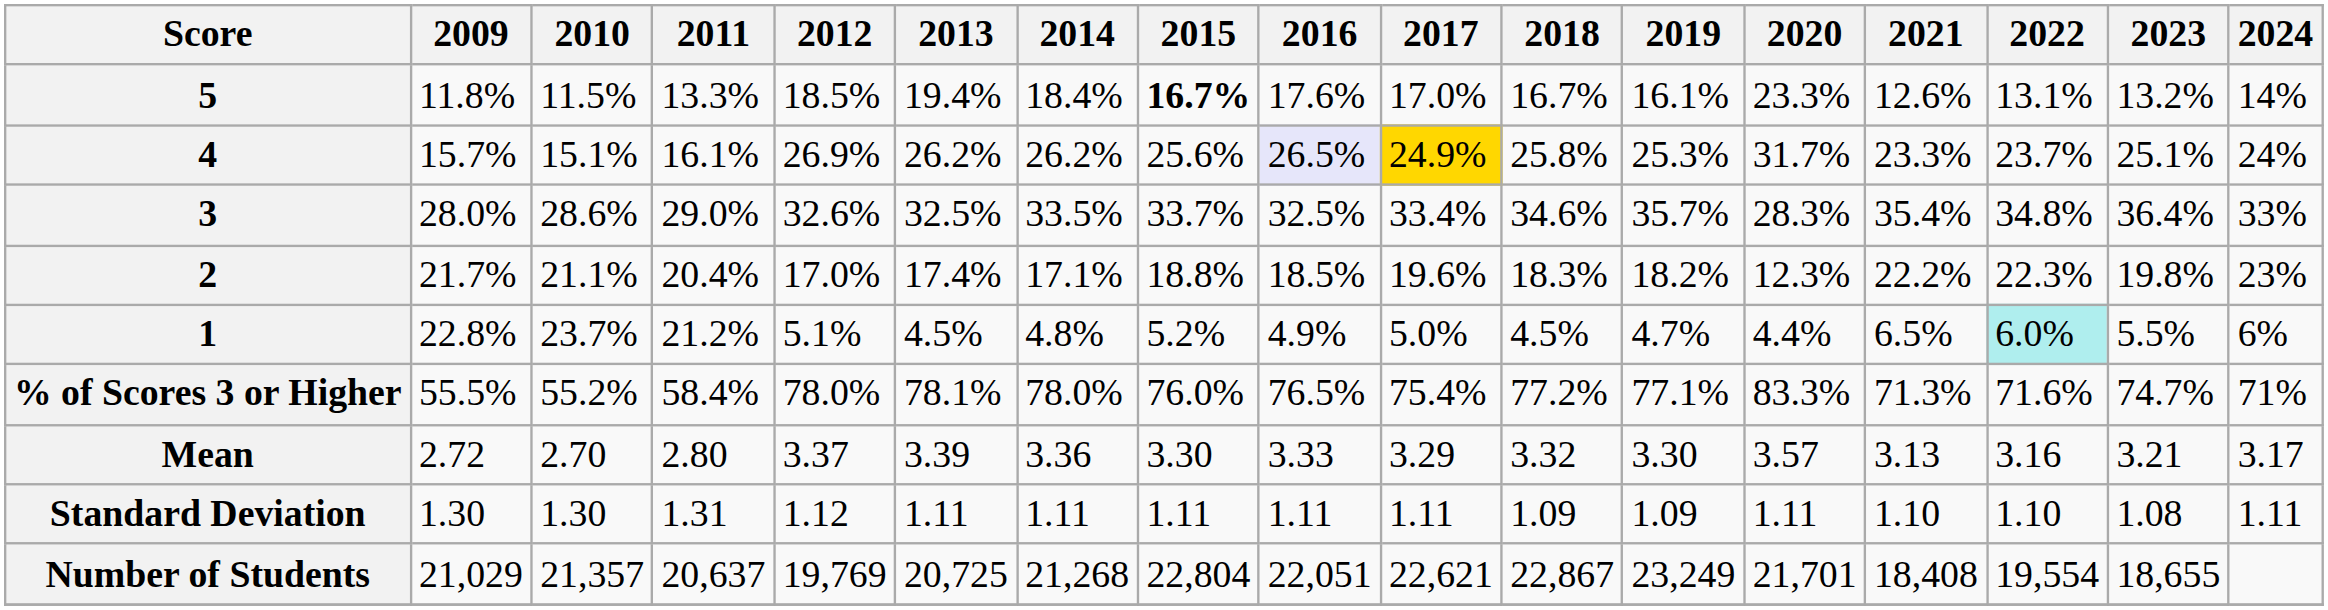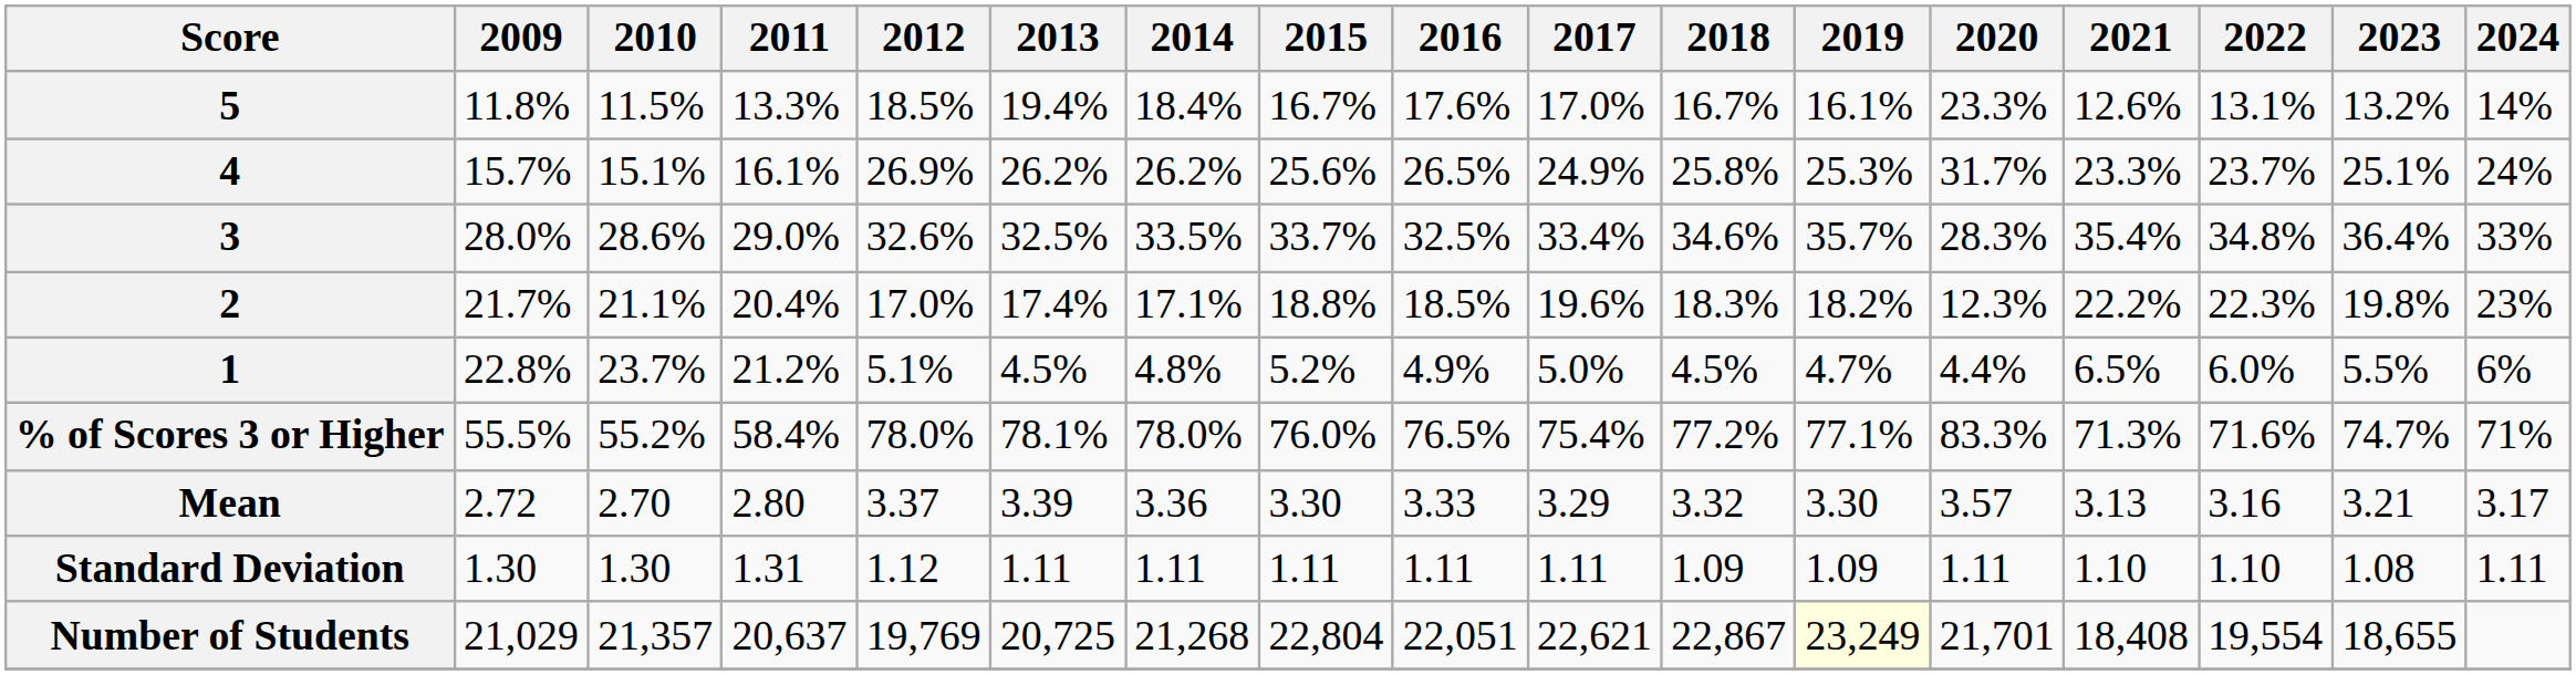 <table class="wikitable">
 <tr>
 <th>Score</th>
 <th>2009</th>
 <th>2010</th>
 <th>2011</th>
 <th>2012</th>
 <th>2013</th>
 <th>2014</th>
 <th>2015</th>
 <th>2016</th>
 <th>2017</th>
 <th>2018</th>
 <th>2019</th>
 <th>2020</th>
 <th>2021</th>
 <th>2022</th>
 <th>2023</th>
 <th>2024</th>
 </tr>
 <tr>
 <th>5</th>
 <td>11.8%</td>
 <td>11.5%</td>
 <td>13.3%</td>
 <td>18.5%</td>
 <td>19.4%</td>
 <td>18.4%</td>
-<td><strong>16.7%</strong></td>
+<td>16.7%</td>
 <td>17.6%</td>
 <td>17.0%</td>
 <td>16.7%</td>
 <td>16.1%</td>
 <td>23.3%</td>
 <td>12.6%</td>
 <td>13.1%</td>
 <td>13.2%</td>
 <td>14%</td>
 </tr>
 <tr>
 <th>4</th>
 <td>15.7%</td>
 <td>15.1%</td>
 <td>16.1%</td>
 <td>26.9%</td>
 <td>26.2%</td>
 <td>26.2%</td>
 <td>25.6%</td>
-<td style="background: lavender;">26.5%</td>
-<td style="background: gold;">24.9%</td>
+<td>26.5%</td>
+<td>24.9%</td>
 <td>25.8%</td>
 <td>25.3%</td>
 <td>31.7%</td>
 <td>23.3%</td>
 <td>23.7%</td>
 <td>25.1%</td>
 <td>24%</td>
 </tr>
 <tr>
 <th>3</th>
 <td>28.0%</td>
 <td>28.6%</td>
 <td>29.0%</td>
 <td>32.6%</td>
 <td>32.5%</td>
 <td>33.5%</td>
 <td>33.7%</td>
 <td>32.5%</td>
 <td>33.4%</td>
 <td>34.6%</td>
 <td>35.7%</td>
 <td>28.3%</td>
 <td>35.4%</td>
 <td>34.8%</td>
 <td>36.4%</td>
 <td>33%</td>
 </tr>
 <tr>
 <th>2</th>
 <td>21.7%</td>
 <td>21.1%</td>
 <td>20.4%</td>
 <td>17.0%</td>
 <td>17.4%</td>
 <td>17.1%</td>
 <td>18.8%</td>
 <td>18.5%</td>
 <td>19.6%</td>
 <td>18.3%</td>
 <td>18.2%</td>
 <td>12.3%</td>
 <td>22.2%</td>
 <td>22.3%</td>
 <td>19.8%</td>
 <td>23%</td>
 </tr>
 <tr>
 <th>1</th>
 <td>22.8%</td>
 <td>23.7%</td>
 <td>21.2%</td>
 <td>5.1%</td>
 <td>4.5%</td>
 <td>4.8%</td>
 <td>5.2%</td>
 <td>4.9%</td>
 <td>5.0%</td>
 <td>4.5%</td>
 <td>4.7%</td>
 <td>4.4%</td>
 <td>6.5%</td>
-<td style="background: paleturquoise;">6.0%</td>
+<td>6.0%</td>
 <td>5.5%</td>
 <td>6%</td>
 </tr>
 <tr>
 <th>% of Scores 3 or Higher</th>
 <td>55.5%</td>
 <td>55.2%</td>
 <td>58.4%</td>
 <td>78.0%</td>
 <td>78.1%</td>
 <td>78.0%</td>
 <td>76.0%</td>
 <td>76.5%</td>
 <td>75.4%</td>
 <td>77.2%</td>
 <td>77.1%</td>
 <td>83.3%</td>
 <td>71.3%</td>
 <td>71.6%</td>
 <td>74.7%</td>
 <td>71%</td>
 </tr>
 <tr>
 <th>Mean</th>
 <td>2.72</td>
 <td>2.70</td>
 <td>2.80</td>
 <td>3.37</td>
 <td>3.39</td>
 <td>3.36</td>
 <td>3.30</td>
 <td>3.33</td>
 <td>3.29</td>
 <td>3.32</td>
 <td>3.30</td>
 <td>3.57</td>
 <td>3.13</td>
 <td>3.16</td>
 <td>3.21</td>
 <td>3.17</td>
 </tr>
 <tr>
 <th>Standard Deviation</th>
 <td>1.30</td>
 <td>1.30</td>
 <td>1.31</td>
 <td>1.12</td>
 <td>1.11</td>
 <td>1.11</td>
 <td>1.11</td>
 <td>1.11</td>
 <td>1.11</td>
 <td>1.09</td>
 <td>1.09</td>
 <td>1.11</td>
 <td>1.10</td>
 <td>1.10</td>
 <td>1.08</td>
 <td>1.11</td>
 </tr>
 <tr>
 <th>Number of Students</th>
 <td>21,029</td>
 <td>21,357</td>
 <td>20,637</td>
 <td>19,769</td>
 <td>20,725</td>
 <td>21,268</td>
 <td>22,804</td>
 <td>22,051</td>
 <td>22,621</td>
 <td>22,867</td>
-<td>23,249</td>
+<td style="background: lightyellow;">23,249</td>
 <td>21,701</td>
 <td>18,408</td>
 <td>19,554</td>
 <td>18,655</td>
 <td></td>
 </tr>
 <tr>
 </tr>
 </table>
